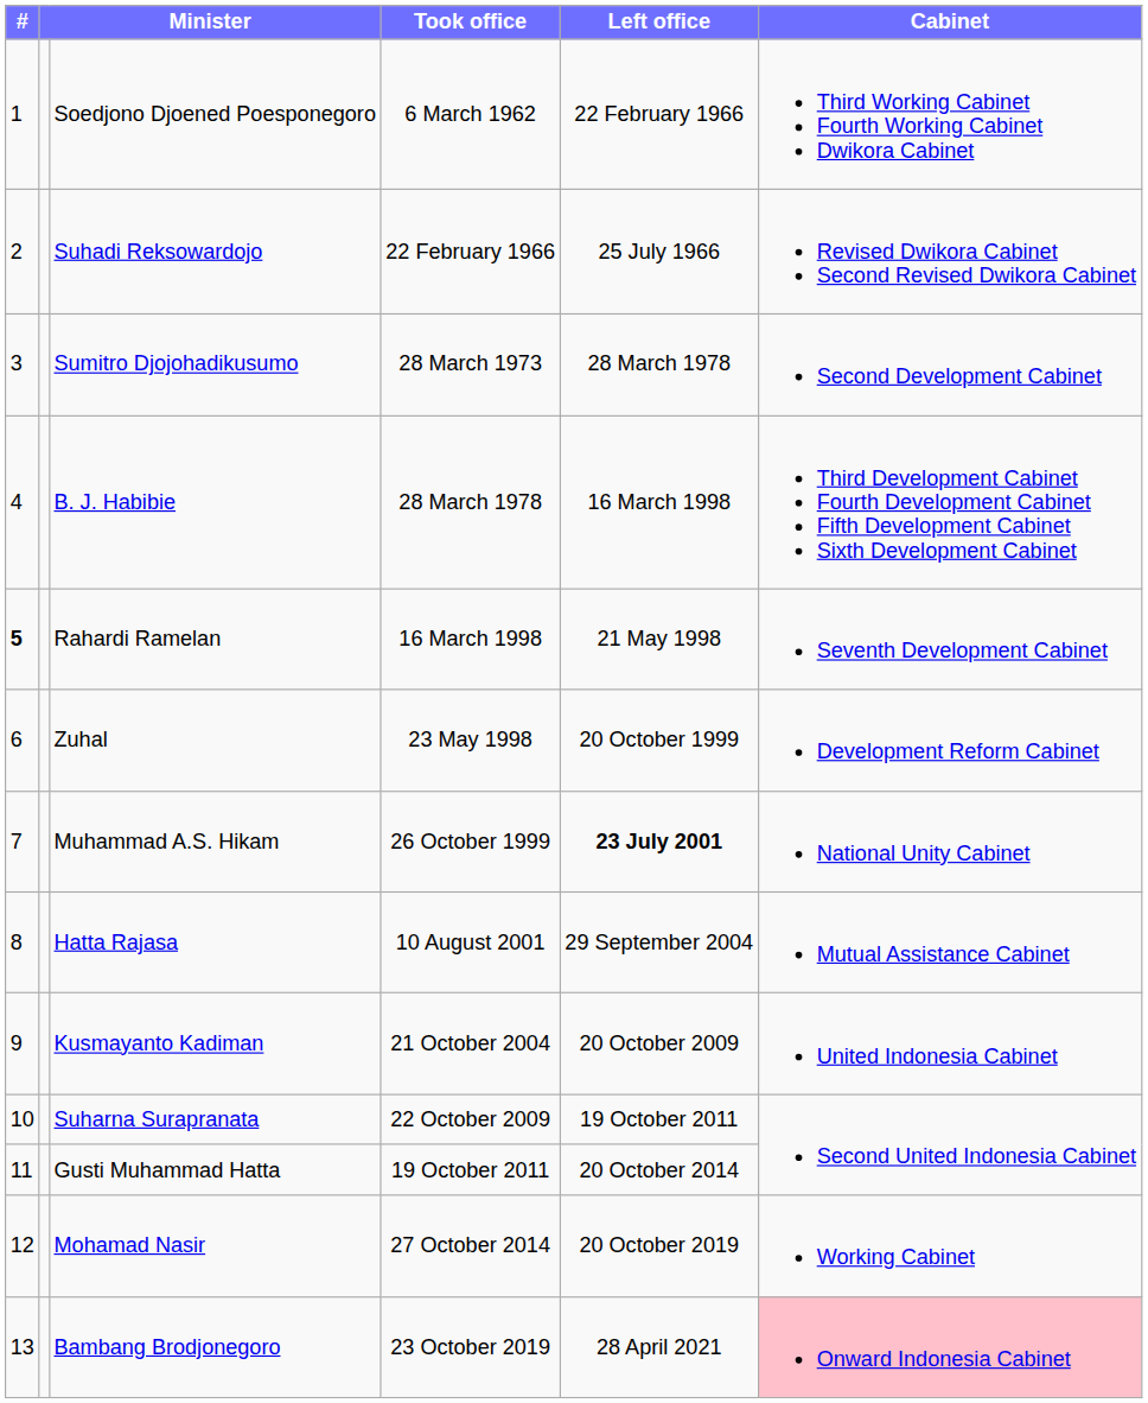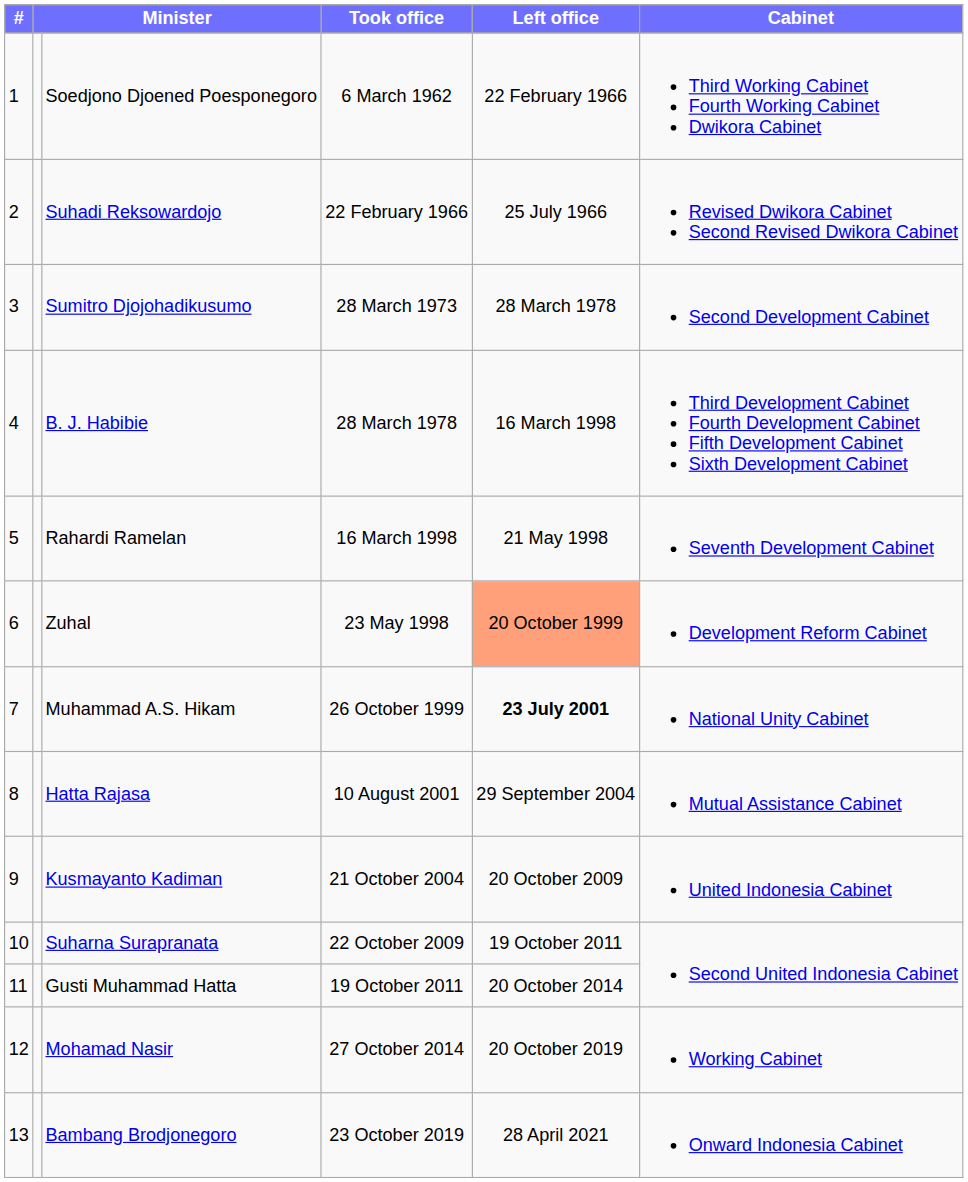 <table class="wikitable">
 <tr>
 <th style="background-color:#6f6fff; color:#ffffff;">#</th>
 <th style="background-color:#6f6fff; color:#ffffff;" colspan=2>Minister</th>
 <th style="background-color:#6f6fff; color:#ffffff;">Took office</th>
 <th style="background-color:#6f6fff; color:#ffffff;">Left office</th>
 <th style="background-color:#6f6fff; color:#ffffff;">Cabinet</th>
 </tr>
 <tr>
 <td>1</td>
 <td></td>
 <td>Soedjono Djoened Poesponegoro</td>
 <td style="text-align:center;">6 March 1962</td>
 <td style="text-align:center;">22 February 1966</td>
 <td><br><ul><li><a href='#'>Third Working Cabinet</a></li><li><a href='#'>Fourth Working Cabinet</a></li><li><a href='#'>Dwikora Cabinet</a></li></ul></td>
 </tr>
 <tr>
 <td>2</td>
 <td></td>
 <td><a href='#'>Suhadi Reksowardojo</a></td>
 <td style="text-align:center;">22 February 1966</td>
 <td style="text-align:center;">25 July 1966</td>
 <td><br><ul><li><a href='#'>Revised Dwikora Cabinet</a></li><li><a href='#'>Second Revised Dwikora Cabinet</a></li></ul></td>
 </tr>
 <tr>
 <td>3</td>
 <td></td>
 <td><a href='#'>Sumitro Djojohadikusumo</a></td>
 <td style="text-align:center;">28 March 1973</td>
 <td style="text-align:center;">28 March 1978</td>
 <td><br><ul><li><a href='#'>Second Development Cabinet</a></li></ul></td>
 </tr>
 <tr>
 <td>4</td>
 <td></td>
 <td><a href='#'>B. J. Habibie</a></td>
 <td style="text-align:center;">28 March 1978</td>
 <td style="text-align:center;">16 March 1998</td>
 <td><br><ul><li><a href='#'>Third Development Cabinet</a></li><li><a href='#'>Fourth Development Cabinet</a></li><li><a href='#'>Fifth Development Cabinet</a></li><li><a href='#'>Sixth Development Cabinet</a></li></ul></td>
 </tr>
 <tr>
-<td><strong>5</strong></td>
+<td>5</td>
 <td></td>
 <td>Rahardi Ramelan</td>
 <td style="text-align:center;">16 March 1998</td>
 <td style="text-align:center;">21 May 1998</td>
 <td><br><ul><li><a href='#'>Seventh Development Cabinet</a></li></ul></td>
 </tr>
 <tr>
 <td>6</td>
 <td></td>
 <td>Zuhal</td>
 <td style="text-align:center;">23 May 1998</td>
-<td style="text-align:center;">20 October 1999</td>
+<td style="background: lightsalmon; text-align:center;">20 October 1999</td>
 <td><br><ul><li><a href='#'>Development Reform Cabinet</a></li></ul></td>
 </tr>
 <tr>
 <td>7</td>
 <td></td>
 <td>Muhammad A.S. Hikam</td>
 <td style="text-align:center;">26 October 1999</td>
 <td style="text-align:center;"><strong>23 July 2001</strong></td>
 <td><br><ul><li><a href='#'>National Unity Cabinet</a></li></ul></td>
 </tr>
 <tr>
 <td>8</td>
 <td></td>
 <td><a href='#'>Hatta Rajasa</a></td>
 <td style="text-align:center;">10 August 2001</td>
 <td style="text-align:center;">29 September 2004</td>
 <td><br><ul><li><a href='#'>Mutual Assistance Cabinet</a></li></ul></td>
 </tr>
 <tr>
 <td>9</td>
 <td></td>
 <td><a href='#'>Kusmayanto Kadiman</a></td>
 <td style="text-align:center;">21 October 2004</td>
 <td style="text-align:center;">20 October 2009</td>
 <td><br><ul><li><a href='#'>United Indonesia Cabinet</a></li></ul></td>
 </tr>
 <tr>
 <td>10</td>
 <td></td>
 <td><a href='#'>Suharna Surapranata</a></td>
 <td style="text-align:center;">22 October 2009</td>
 <td style="text-align:center;">19 October 2011</td>
 <td rowspan=2><br><ul><li><a href='#'>Second United Indonesia Cabinet</a></li></ul></td>
 </tr>
 <tr>
 <td>11</td>
 <td></td>
 <td>Gusti Muhammad Hatta</td>
 <td style="text-align:center;">19 October 2011</td>
 <td style="text-align:center;">20 October 2014</td>
 </tr>
 <tr>
 <td>12</td>
 <td></td>
 <td><a href='#'>Mohamad Nasir</a></td>
 <td style="text-align:center;">27 October 2014</td>
 <td style="text-align:center;">20 October 2019</td>
 <td><br><ul><li><a href='#'>Working Cabinet</a></li></ul></td>
 </tr>
 <tr>
 <td>13</td>
 <td></td>
 <td><a href='#'>Bambang Brodjonegoro</a></td>
 <td style="text-align:center;">23 October 2019</td>
 <td style="text-align:center;">28 April 2021</td>
-<td style="background: pink;"><br><ul><li><a href='#'>Onward Indonesia Cabinet</a></li></ul></td>
+<td><br><ul><li><a href='#'>Onward Indonesia Cabinet</a></li></ul></td>
 </tr>
 </table>
